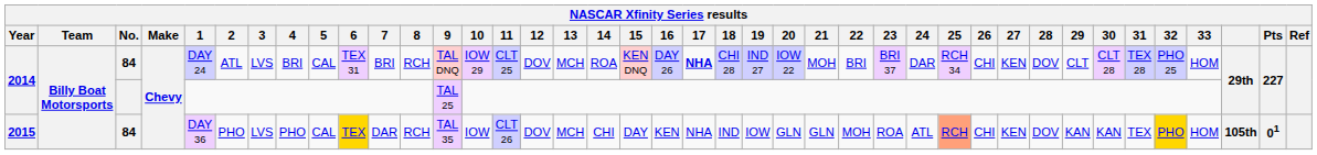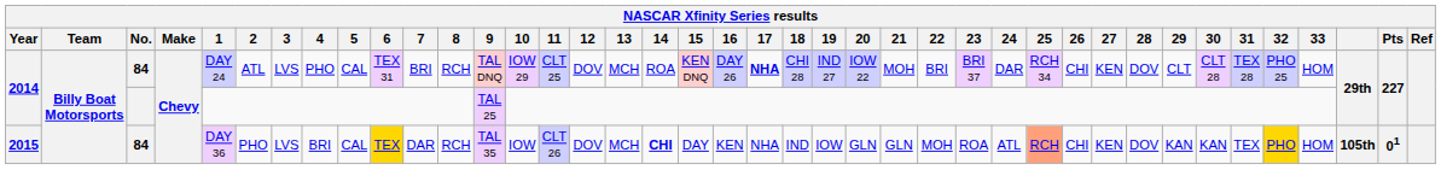 <table class="wikitable" style="text-align:center; font-size:75%">
 <tr>
 <th colspan=42><a href='#'>NASCAR Xfinity Series</a> results</th>
 </tr>
 <tr>
 <th>Year</th>
 <th>Team</th>
 <th>No.</th>
 <th>Make</th>
 <th>1</th>
 <th>2</th>
 <th>3</th>
 <th>4</th>
 <th>5</th>
 <th>6</th>
 <th>7</th>
 <th>8</th>
 <th>9</th>
 <th>10</th>
 <th>11</th>
 <th>12</th>
 <th>13</th>
 <th>14</th>
 <th>15</th>
 <th>16</th>
 <th>17</th>
 <th>18</th>
 <th>19</th>
 <th>20</th>
 <th>21</th>
 <th>22</th>
 <th>23</th>
 <th>24</th>
 <th>25</th>
 <th>26</th>
 <th>27</th>
 <th>28</th>
 <th>29</th>
 <th>30</th>
 <th>31</th>
 <th>32</th>
 <th>33</th>
 <th></th>
 <th>Pts</th>
 <th>Ref</th>
 </tr>
 <tr>
 <th rowspan=2><a href='#'>2014</a></th>
 <th rowspan=3><a href='#'>Billy Boat Motorsports</a></th>
 <th>84</th>
 <th rowspan=3><a href='#'>Chevy</a></th>
 <td style="background:#CFCFFF;"><a href='#'>DAY</a><br><small>24</small></td>
 <td><a href='#'>ATL</a></td>
 <td><a href='#'>LVS</a></td>
-<td><a href='#'>BRI</a></td>
+<td><a href='#'>PHO</a></td>
 <td><a href='#'>CAL</a></td>
 <td style="background:#EFCFFF;"><a href='#'>TEX</a><br><small>31</small></td>
 <td><a href='#'>BRI</a></td>
 <td><a href='#'>RCH</a></td>
 <td style="background:#FFCFCF;"><a href='#'>TAL</a><br><small>DNQ</small></td>
 <td style="background:#EFCFFF;"><a href='#'>IOW</a><br><small>29</small></td>
 <td style="background:#CFCFFF;"><a href='#'>CLT</a><br><small>25</small></td>
 <td><a href='#'>DOV</a></td>
 <td><a href='#'>MCH</a></td>
 <td><a href='#'>ROA</a></td>
 <td style="background:#FFCFCF;"><a href='#'>KEN</a><br><small>DNQ</small></td>
 <td style="background:#CFCFFF;"><a href='#'>DAY</a><br><small>26</small></td>
 <td><strong><a href='#'>NHA</a></strong></td>
 <td style="background:#CFCFFF;"><a href='#'>CHI</a><br><small>28</small></td>
 <td style="background:#CFCFFF;"><a href='#'>IND</a><br><small>27</small></td>
 <td style="background:#CFCFFF;"><a href='#'>IOW</a><br><small>22</small></td>
 <td><a href='#'>MOH</a></td>
 <td><a href='#'>BRI</a></td>
 <td style="background:#EFCFFF;"><a href='#'>BRI</a><br><small>37</small></td>
 <td><a href='#'>DAR</a></td>
 <td style="background:#EFCFFF;"><a href='#'>RCH</a><br><small>34</small></td>
 <td><a href='#'>CHI</a></td>
 <td><a href='#'>KEN</a></td>
 <td><a href='#'>DOV</a></td>
 <td><a href='#'>CLT</a></td>
 <td style="background:#EFCFFF;"><a href='#'>CLT</a><br><small>28</small></td>
 <td style="background:#CFCFFF;"><a href='#'>TEX</a><br><small>28</small></td>
 <td style="background:#CFCFFF;"><a href='#'>PHO</a><br><small>25</small></td>
 <td><a href='#'>HOM</a></td>
 <th rowspan=2>29th</th>
 <th rowspan=2>227</th>
 <th rowspan=2></th>
 </tr>
 <tr>
 <th></th>
 <td colspan=8></td>
 <td style="background:#EFCFFF;"><a href='#'>TAL</a><br><small>25</small></td>
 <td colspan=24></td>
 </tr>
 <tr>
 <th><a href='#'>2015</a></th>
 <th>84</th>
 <td style="background:#EFCFFF;"><a href='#'>DAY</a><br><small>36</small></td>
 <td><a href='#'>PHO</a></td>
 <td><a href='#'>LVS</a></td>
-<td><a href='#'>PHO</a></td>
+<td><a href='#'>BRI</a></td>
 <td><a href='#'>CAL</a></td>
 <td style="background: gold;"><a href='#'>TEX</a></td>
 <td><a href='#'>DAR</a></td>
 <td><a href='#'>RCH</a></td>
 <td style="background:#EFCFFF;"><a href='#'>TAL</a><br><small>35</small></td>
 <td><a href='#'>IOW</a></td>
 <td style="background:#CFCFFF;"><a href='#'>CLT</a><br><small>26</small></td>
 <td><a href='#'>DOV</a></td>
 <td><a href='#'>MCH</a></td>
-<td><a href='#'>CHI</a></td>
+<td><strong><a href='#'>CHI</a></strong></td>
 <td><a href='#'>DAY</a></td>
 <td><a href='#'>KEN</a></td>
 <td><a href='#'>NHA</a></td>
 <td><a href='#'>IND</a></td>
 <td><a href='#'>IOW</a></td>
 <td><a href='#'>GLN</a></td>
 <td><a href='#'>GLN</a></td>
 <td><a href='#'>MOH</a></td>
 <td><a href='#'>ROA</a></td>
 <td><a href='#'>ATL</a></td>
 <td style="background: lightsalmon;"><a href='#'>RCH</a></td>
 <td><a href='#'>CHI</a></td>
 <td><a href='#'>KEN</a></td>
 <td><a href='#'>DOV</a></td>
 <td><a href='#'>KAN</a></td>
 <td><a href='#'>KAN</a></td>
 <td><a href='#'>TEX</a></td>
 <td style="background: gold;"><a href='#'>PHO</a></td>
 <td><a href='#'>HOM</a></td>
 <th>105th</th>
 <th>0<sup>1</sup></th>
 <th></th>
 </tr>
 </table>
